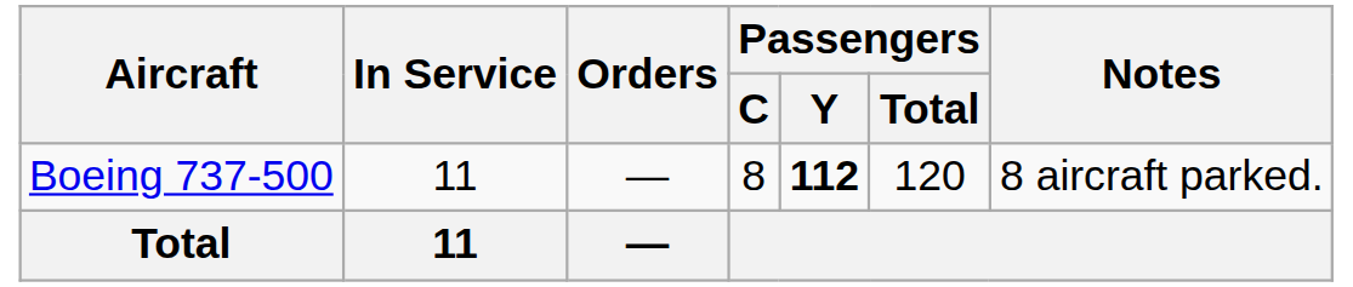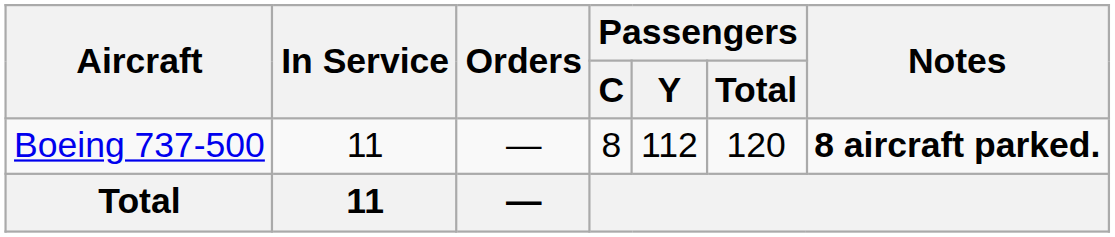 <table class="wikitable" style="border-collapse:collapse;text-align:center;margin:auto;">
 <tr>
 <th rowspan="2">Aircraft</th>
 <th rowspan="2">In Service</th>
 <th rowspan="2">Orders</th>
 <th colspan="3">Passengers</th>
 <th rowspan="2">Notes</th>
 </tr>
 <tr>
 <th>C</th>
 <th>Y</th>
 <th>Total</th>
 </tr>
 <tr>
 <td><a href='#'>Boeing 737-500</a></td>
 <td>11</td>
 <td>—</td>
 <td>8</td>
-<td><strong>112</strong></td>
+<td>112</td>
 <td>120</td>
-<td>8 aircraft parked.</td>
+<td><strong>8 aircraft parked.</strong></td>
 </tr>
 <tr>
 <th>Total</th>
 <th>11</th>
 <th>—</th>
 <th colspan="4"></th>
 </tr>
 </table>
